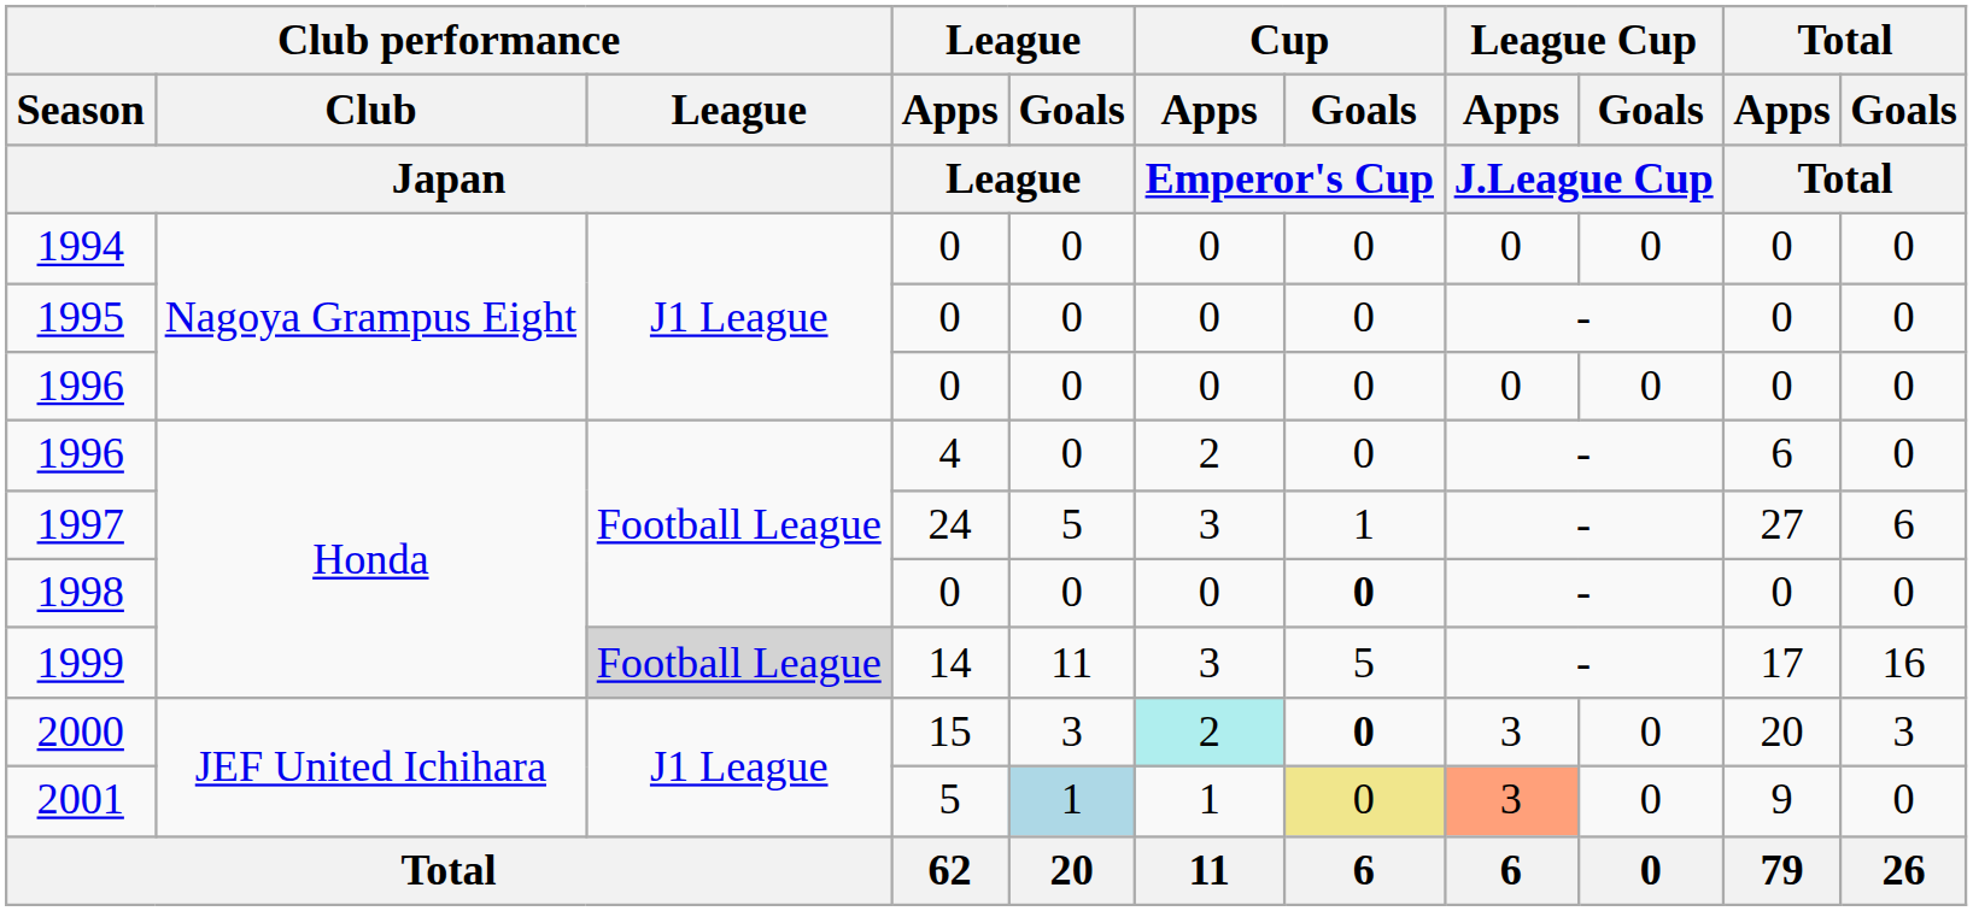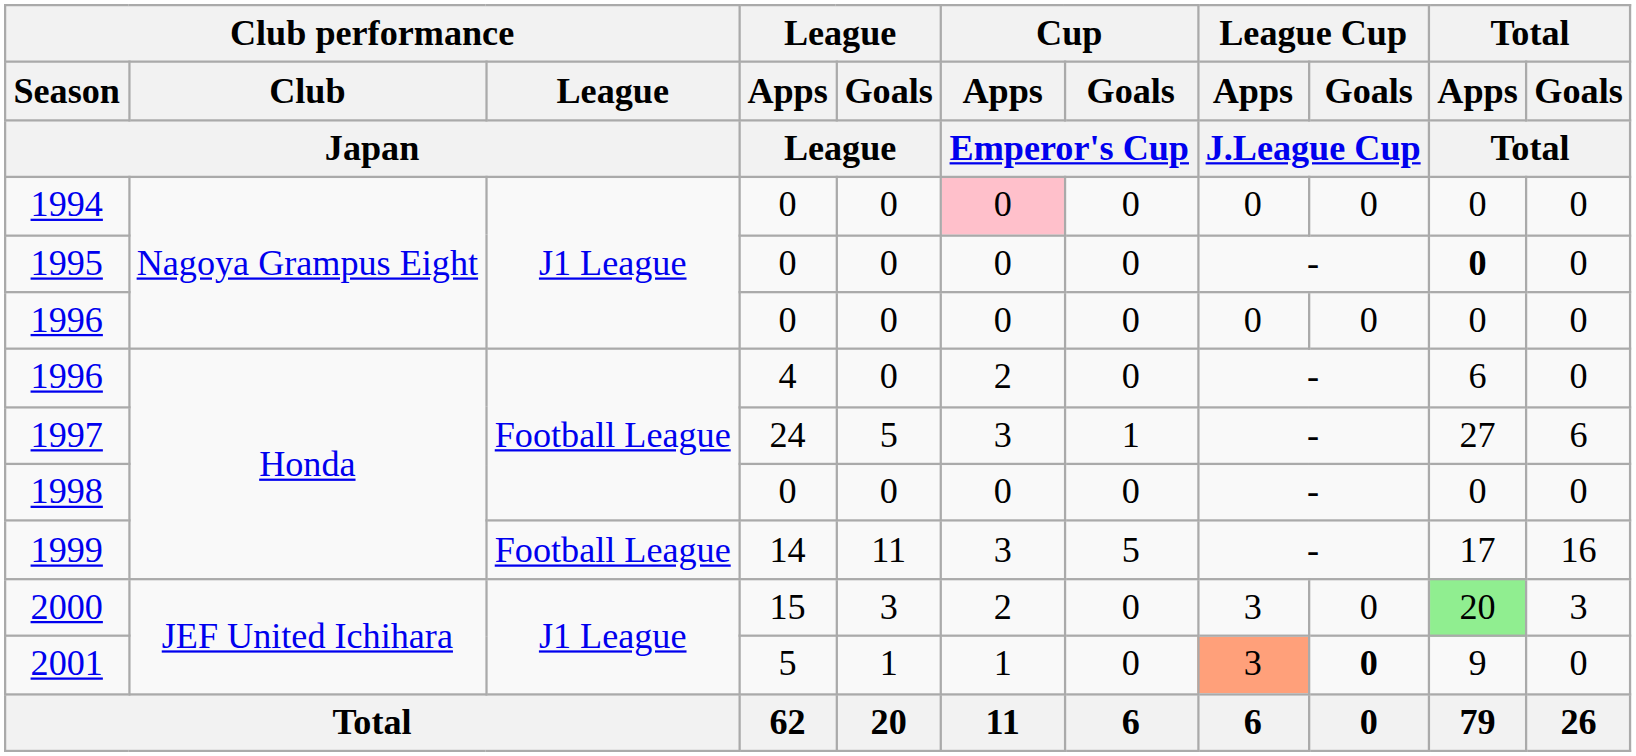 <table class="wikitable" style="text-align:center;">
 <tr>
 <th colspan=3>Club performance</th>
 <th colspan=2>League</th>
 <th colspan=2>Cup</th>
 <th colspan=2>League Cup</th>
 <th colspan=2>Total</th>
 </tr>
 <tr>
 <th>Season</th>
 <th>Club</th>
 <th>League</th>
 <th>Apps</th>
 <th>Goals</th>
 <th>Apps</th>
 <th>Goals</th>
 <th>Apps</th>
 <th>Goals</th>
 <th>Apps</th>
 <th>Goals</th>
 </tr>
 <tr>
 <th colspan=3>Japan</th>
 <th colspan=2>League</th>
 <th colspan=2><a href='#'>Emperor's Cup</a></th>
 <th colspan=2><a href='#'>J.League Cup</a></th>
 <th colspan=2>Total</th>
 </tr>
 <tr>
 <td><a href='#'>1994</a></td>
 <td rowspan="3"><a href='#'>Nagoya Grampus Eight</a></td>
 <td rowspan="3"><a href='#'>J1 League</a></td>
 <td>0</td>
 <td>0</td>
-<td>0</td>
+<td style="background: pink;">0</td>
 <td>0</td>
 <td>0</td>
 <td>0</td>
 <td>0</td>
 <td>0</td>
 </tr>
 <tr>
 <td><a href='#'>1995</a></td>
 <td>0</td>
 <td>0</td>
 <td>0</td>
 <td>0</td>
 <td colspan="2">-</td>
-<td>0</td>
+<td><strong>0</strong></td>
 <td>0</td>
 </tr>
 <tr>
 <td><a href='#'>1996</a></td>
 <td>0</td>
 <td>0</td>
 <td>0</td>
 <td>0</td>
 <td>0</td>
 <td>0</td>
 <td>0</td>
 <td>0</td>
 </tr>
 <tr>
 <td><a href='#'>1996</a></td>
 <td rowspan="4"><a href='#'>Honda</a></td>
 <td rowspan="3"><a href='#'>Football League</a></td>
 <td>4</td>
 <td>0</td>
 <td>2</td>
 <td>0</td>
 <td colspan="2">-</td>
 <td>6</td>
 <td>0</td>
 </tr>
 <tr>
 <td><a href='#'>1997</a></td>
 <td>24</td>
 <td>5</td>
 <td>3</td>
 <td>1</td>
 <td colspan="2">-</td>
 <td>27</td>
 <td>6</td>
 </tr>
 <tr>
 <td><a href='#'>1998</a></td>
 <td>0</td>
 <td>0</td>
 <td>0</td>
-<td><strong>0</strong></td>
+<td>0</td>
 <td colspan="2">-</td>
 <td>0</td>
 <td>0</td>
 </tr>
 <tr>
 <td><a href='#'>1999</a></td>
-<td style="background: lightgrey;"><a href='#'>Football League</a></td>
+<td><a href='#'>Football League</a></td>
 <td>14</td>
 <td>11</td>
 <td>3</td>
 <td>5</td>
 <td colspan="2">-</td>
 <td>17</td>
 <td>16</td>
 </tr>
 <tr>
 <td><a href='#'>2000</a></td>
 <td rowspan="2"><a href='#'>JEF United Ichihara</a></td>
 <td rowspan="2"><a href='#'>J1 League</a></td>
 <td>15</td>
 <td>3</td>
-<td style="background: paleturquoise;">2</td>
-<td><strong>0</strong></td>
+<td>2</td>
+<td>0</td>
 <td>3</td>
 <td>0</td>
-<td>20</td>
+<td style="background: lightgreen;">20</td>
 <td>3</td>
 </tr>
 <tr>
 <td><a href='#'>2001</a></td>
 <td>5</td>
-<td style="background: lightblue;">1</td>
 <td>1</td>
-<td style="background: khaki;">0</td>
+<td>1</td>
+<td>0</td>
 <td style="background: lightsalmon;">3</td>
-<td>0</td>
+<td><strong>0</strong></td>
 <td>9</td>
 <td>0</td>
 </tr>
 <tr>
 <th colspan=3>Total</th>
 <th>62</th>
 <th>20</th>
 <th>11</th>
 <th>6</th>
 <th>6</th>
 <th>0</th>
 <th>79</th>
 <th>26</th>
 </tr>
 </table>
